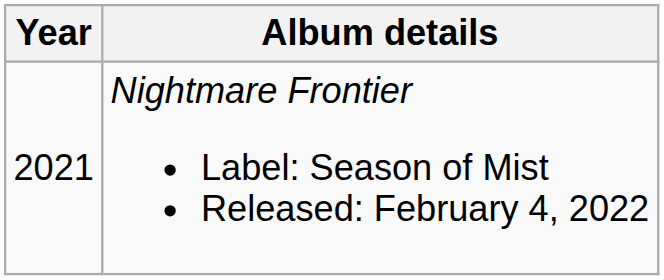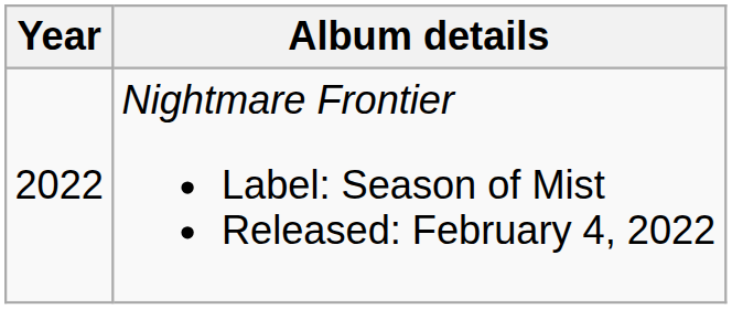 <table class="wikitable">
 <tr>
 <th>Year</th>
 <th>Album details</th>
 </tr>
 <tr>
-<td>2021</td>
+<td>2022</td>
 <td><em>Nightmare Frontier</em><br><ul><li>Label: Season of Mist</li><li>Released: February 4, 2022</li></ul></td>
 </tr>
 </table>
